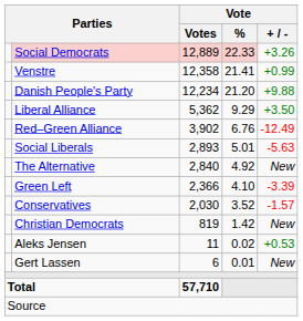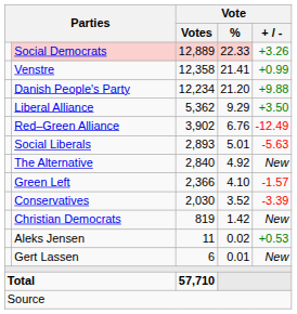 <table class="wikitable" style="text-align:right;">
 <tr>
 <th style="text-align:centre;" rowspan="2" colspan="2" width="225">Parties</th>
 <th colspan="3">Vote</th>
 </tr>
 <tr>
 <th width="15">Votes</th>
 <th width="15">%</th>
 <th width="15">+ / -</th>
 </tr>
 <tr>
 <td width="2" style="color:inherit;background:"></td>
 <td bgcolor=#fbd0ce  align="left"><a href='#'>Social Democrats</a></td>
 <td bgcolor=#fbd0ce>12,889</td>
 <td bgcolor=#fbd0ce>22.33</td>
 <td style=color:green;>+3.26</td>
 </tr>
 <tr>
 <td width="2" style="color:inherit;background:"></td>
 <td align="left"><a href='#'>Venstre</a></td>
 <td>12,358</td>
 <td>21.41</td>
 <td style=color:green;>+0.99</td>
 </tr>
 <tr>
 <td width="2" style="color:inherit;background:"></td>
 <td align="left"><a href='#'>Danish People's Party</a></td>
 <td>12,234</td>
 <td>21.20</td>
 <td style=color:green;>+9.88</td>
 </tr>
 <tr>
 <td width="2" style="color:inherit;background:"></td>
 <td align="left"><a href='#'>Liberal Alliance</a></td>
 <td>5,362</td>
 <td>9.29</td>
 <td style=color:green;>+3.50</td>
 </tr>
 <tr>
 <td width="2" style="color:inherit;background:"></td>
 <td align="left"><a href='#'>Red–Green Alliance</a></td>
 <td>3,902</td>
 <td>6.76</td>
 <td style=color:red;>-12.49</td>
 </tr>
 <tr>
 <td width="2" style="color:inherit;background:"></td>
 <td align="left"><a href='#'>Social Liberals</a></td>
 <td>2,893</td>
 <td>5.01</td>
 <td style=color:red;>-5.63</td>
 </tr>
 <tr>
 <td width="2" style="color:inherit;background:"></td>
 <td align="left"><a href='#'>The Alternative</a></td>
 <td>2,840</td>
 <td>4.92</td>
 <td><em>New</em></td>
 </tr>
 <tr>
 <td width="2" style="color:inherit;background:"></td>
 <td align="left"><a href='#'>Green Left</a></td>
 <td>2,366</td>
 <td>4.10</td>
-<td style=color:red;>-3.39</td>
+<td style=color:red;>-1.57</td>
 </tr>
 <tr>
 <td width="2" style="color:inherit;background:"></td>
 <td align="left"><a href='#'>Conservatives</a></td>
 <td>2,030</td>
 <td>3.52</td>
-<td style=color:red;>-1.57</td>
+<td style=color:red;>-3.39</td>
 </tr>
 <tr>
 <td width="2" style="color:inherit;background:"></td>
 <td align="left"><a href='#'>Christian Democrats</a></td>
 <td>819</td>
 <td>1.42</td>
 <td><em>New</em></td>
 </tr>
 <tr>
 <td width="2" style="color:inherit;background:"></td>
 <td align="left">Aleks Jensen</td>
 <td>11</td>
 <td>0.02</td>
 <td style=color:green;>+0.53</td>
 </tr>
 <tr>
 <td width="2" style="color:inherit;background:"></td>
 <td align="left">Gert Lassen</td>
 <td>6</td>
 <td>0.01</td>
 <td><em>New</em></td>
 </tr>
 <tr>
 <td colspan="7" bgcolor="#E9E9E9"></td>
 </tr>
 <tr>
 <td align="left" colspan="2"><strong>Total</strong></td>
 <td><strong>57,710</strong></td>
 <td bgcolor="#E9E9E9" colspan="2"></td>
 </tr>
 <tr>
 <td align="left" colspan="6">Source</td>
 </tr>
 </table>
